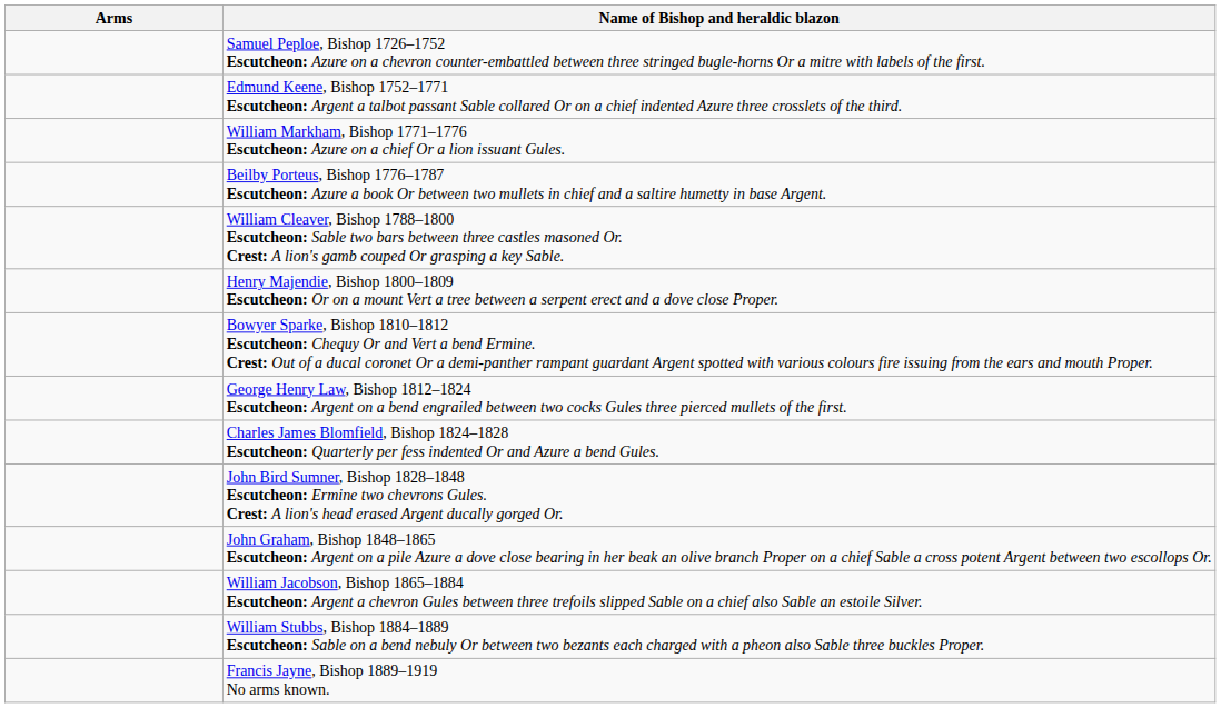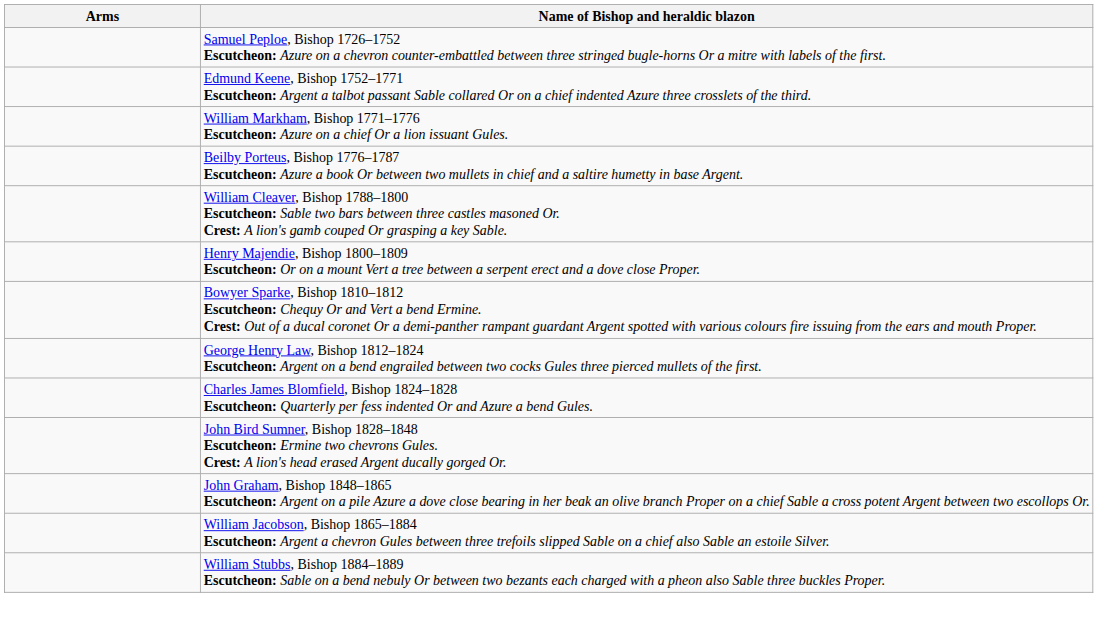 <table class=wikitable style=font-size:95%>
 <tr style="vertical-align:top; text-align:center;">
 <th style="width:206px;">Arms</th>
 <th>Name of Bishop and heraldic blazon</th>
 </tr>
 <tr valign=top>
 <td align=center></td>
 <td><a href='#'>Samuel Peploe</a>, Bishop 1726–1752<br><strong>Escutcheon:</strong> <em>Azure on a chevron counter-embattled between three stringed bugle-horns Or a mitre with labels of the first.</em></td>
 </tr>
 <tr valign=top>
 <td align=center></td>
 <td><a href='#'>Edmund Keene</a>, Bishop 1752–1771<br><strong>Escutcheon:</strong> <em>Argent a talbot passant Sable collared Or on a chief indented Azure three crosslets of the third.</em></td>
 </tr>
 <tr valign=top>
 <td align=center></td>
 <td><a href='#'>William Markham</a>, Bishop 1771–1776<br><strong>Escutcheon:</strong> <em>Azure on a chief Or a lion issuant Gules.</em></td>
 </tr>
 <tr valign=top>
 <td align=center></td>
 <td><a href='#'>Beilby Porteus</a>, Bishop 1776–1787<br><strong>Escutcheon:</strong> <em>Azure a book Or between two mullets in chief and a saltire humetty in base Argent.</em></td>
 </tr>
 <tr valign=top>
 <td align=center></td>
 <td><a href='#'>William Cleaver</a>, Bishop 1788–1800<br><strong>Escutcheon:</strong> <em>Sable two bars between three castles masoned Or.</em><br> <strong>Crest:</strong> <em>A lion's gamb couped Or grasping a key Sable.</em></td>
 </tr>
 <tr valign=top>
 <td align=center></td>
 <td><a href='#'>Henry Majendie</a>, Bishop 1800–1809<br><strong>Escutcheon:</strong> <em>Or on a mount Vert a tree between a serpent erect and a dove close Proper.</em></td>
 </tr>
 <tr valign=top>
 <td align=center></td>
 <td><a href='#'>Bowyer Sparke</a>, Bishop 1810–1812<br><strong>Escutcheon:</strong> <em>Chequy Or and Vert a bend Ermine.</em><br> <strong>Crest:</strong> <em>Out of a ducal coronet Or a demi-panther rampant guardant Argent spotted with various colours fire issuing from the ears and mouth Proper.</em></td>
 </tr>
 <tr valign=top>
 <td align=center></td>
 <td><a href='#'>George Henry Law</a>, Bishop 1812–1824<br><strong>Escutcheon:</strong> <em>Argent on a bend engrailed between two cocks Gules three pierced mullets of the first.</em></td>
 </tr>
 <tr valign=top>
 <td align=center></td>
 <td><a href='#'>Charles James Blomfield</a>, Bishop 1824–1828<br><strong>Escutcheon:</strong> <em>Quarterly per fess indented Or and Azure a bend Gules.</em></td>
 </tr>
 <tr valign=top>
 <td align=center></td>
 <td><a href='#'>John Bird Sumner</a>, Bishop 1828–1848<br><strong>Escutcheon:</strong> <em>Ermine two chevrons Gules.</em><br> <strong>Crest:</strong> <em>A lion's head erased Argent ducally gorged Or.</em></td>
 </tr>
 <tr valign=top>
 <td align=center></td>
 <td><a href='#'>John Graham</a>, Bishop 1848–1865<br><strong>Escutcheon:</strong> <em>Argent on a pile Azure a dove close bearing in her beak an olive branch Proper on a chief Sable a cross potent Argent between two escollops Or.</em></td>
 </tr>
 <tr valign=top>
 <td align=center></td>
 <td><a href='#'>William Jacobson</a>, Bishop 1865–1884<br><strong>Escutcheon:</strong> <em>Argent a chevron Gules between three trefoils slipped Sable on a chief also Sable an estoile Silver.</em></td>
 </tr>
 <tr valign=top>
 <td align=center></td>
 <td><a href='#'>William Stubbs</a>, Bishop 1884–1889<br><strong>Escutcheon:</strong> <em>Sable on a bend nebuly Or between two bezants each charged with a pheon also Sable three buckles Proper.</em></td>
 </tr>
-<tr valign=top>
-<td align=center></td>
-<td><a href='#'>Francis Jayne</a>, Bishop 1889–1919<br>No arms known.</td>
-</tr>
 </table>
